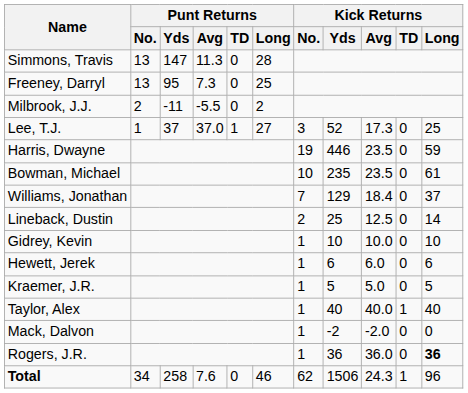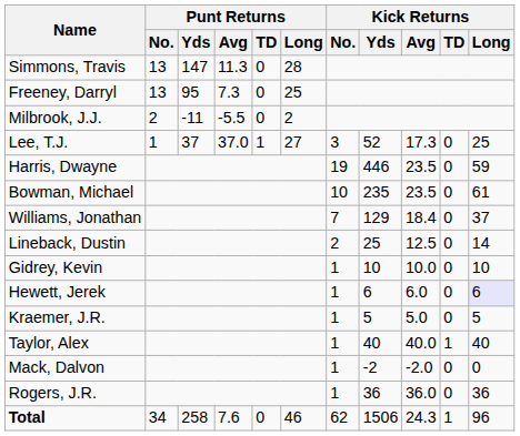 <table class="wikitable" style="white-space:nowrap;">
 <tr>
 <th rowspan="2">Name</th>
 <th colspan="5">Punt Returns</th>
 <th colspan="5">Kick Returns</th>
 </tr>
 <tr>
 <th>No.</th>
 <th>Yds</th>
 <th>Avg</th>
 <th>TD</th>
 <th>Long</th>
 <th>No.</th>
 <th>Yds</th>
 <th>Avg</th>
 <th>TD</th>
 <th>Long</th>
 </tr>
 <tr>
 <td>Simmons, Travis</td>
 <td>13</td>
 <td>147</td>
 <td>11.3</td>
 <td>0</td>
 <td>28</td>
 <td colspan="5"></td>
 </tr>
 <tr>
 <td>Freeney, Darryl</td>
 <td>13</td>
 <td>95</td>
 <td>7.3</td>
 <td>0</td>
 <td>25</td>
 <td colspan="5"></td>
 </tr>
 <tr>
 <td>Milbrook, J.J.</td>
 <td>2</td>
 <td>-11</td>
 <td>-5.5</td>
 <td>0</td>
 <td>2</td>
 <td colspan="5"></td>
 </tr>
 <tr>
 <td>Lee, T.J.</td>
 <td>1</td>
 <td>37</td>
 <td>37.0</td>
 <td>1</td>
 <td>27</td>
 <td>3</td>
 <td>52</td>
 <td>17.3</td>
 <td>0</td>
 <td>25</td>
 </tr>
 <tr>
 <td>Harris, Dwayne</td>
 <td colspan="5"></td>
 <td>19</td>
 <td>446</td>
 <td>23.5</td>
 <td>0</td>
 <td>59</td>
 </tr>
 <tr>
 <td>Bowman, Michael</td>
 <td colspan="5"></td>
 <td>10</td>
 <td>235</td>
 <td>23.5</td>
 <td>0</td>
 <td>61</td>
 </tr>
 <tr>
 <td>Williams, Jonathan</td>
 <td colspan="5"></td>
 <td>7</td>
 <td>129</td>
 <td>18.4</td>
 <td>0</td>
 <td>37</td>
 </tr>
 <tr>
 <td>Lineback, Dustin</td>
 <td colspan="5"></td>
 <td>2</td>
 <td>25</td>
 <td>12.5</td>
 <td>0</td>
 <td>14</td>
 </tr>
 <tr>
 <td>Gidrey, Kevin</td>
 <td colspan="5"></td>
 <td>1</td>
 <td>10</td>
 <td>10.0</td>
 <td>0</td>
 <td>10</td>
 </tr>
 <tr>
 <td>Hewett, Jerek</td>
 <td colspan="5"></td>
 <td>1</td>
 <td>6</td>
 <td>6.0</td>
 <td>0</td>
-<td>6</td>
+<td style="background: lavender;">6</td>
 </tr>
 <tr>
 <td>Kraemer, J.R.</td>
 <td colspan="5"></td>
 <td>1</td>
 <td>5</td>
 <td>5.0</td>
 <td>0</td>
 <td>5</td>
 </tr>
 <tr>
 <td>Taylor, Alex</td>
 <td colspan="5"></td>
 <td>1</td>
 <td>40</td>
 <td>40.0</td>
 <td>1</td>
 <td>40</td>
 </tr>
 <tr>
 <td>Mack, Dalvon</td>
 <td colspan="5"></td>
 <td>1</td>
 <td>-2</td>
 <td>-2.0</td>
 <td>0</td>
 <td>0</td>
 </tr>
 <tr>
 <td>Rogers, J.R.</td>
 <td colspan="5"></td>
 <td>1</td>
 <td>36</td>
 <td>36.0</td>
 <td>0</td>
-<td><strong>36</strong></td>
+<td>36</td>
 </tr>
 <tr>
 <td><strong>Total</strong></td>
 <td>34</td>
 <td>258</td>
 <td>7.6</td>
 <td>0</td>
 <td>46</td>
 <td>62</td>
 <td>1506</td>
 <td>24.3</td>
 <td>1</td>
 <td>96</td>
 </tr>
 </table>
